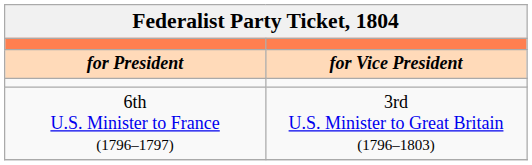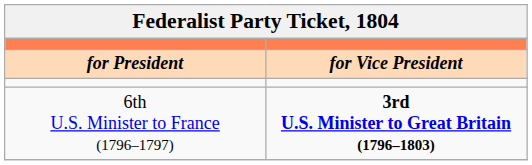 <table class="wikitable" style="font-size:90%; text-align:center;">
 <tr>
 <td style="background:#f1f1f1;" colspan="30"><big><strong>Federalist Party Ticket, 1804</strong></big></td>
 </tr>
 <tr>
 <th style="width:3em; font-size:135%; background:#FF7F50; width:200px;"><a href='#'></a></th>
 <th style="width:3em; font-size:135%; background:#FF7F50; width:200px;"><a href='#'></a></th>
 </tr>
 <tr>
 <td style="width:3em; font-size:100%; color:#000; background:#FFDAB9; width:200px;"><strong><em>for President</em></strong></td>
 <td style="width:3em; font-size:100%; color:#000; background:#FFDAB9; width:200px;"><strong><em>for Vice President</em></strong></td>
 </tr>
 <tr>
 <td></td>
 <td></td>
 </tr>
 <tr>
 <td>6th<br><a href='#'>U.S. Minister to France</a><br><small>(1796–1797)</small></td>
-<td>3rd<br><a href='#'>U.S. Minister to Great Britain</a><br><small>(1796–1803)</small></td>
+<td><strong>3rd<br><a href='#'>U.S. Minister to Great Britain</a><br><small>(1796–1803)</small></strong></td>
 </tr>
 <tr>
 </tr>
 </table>
